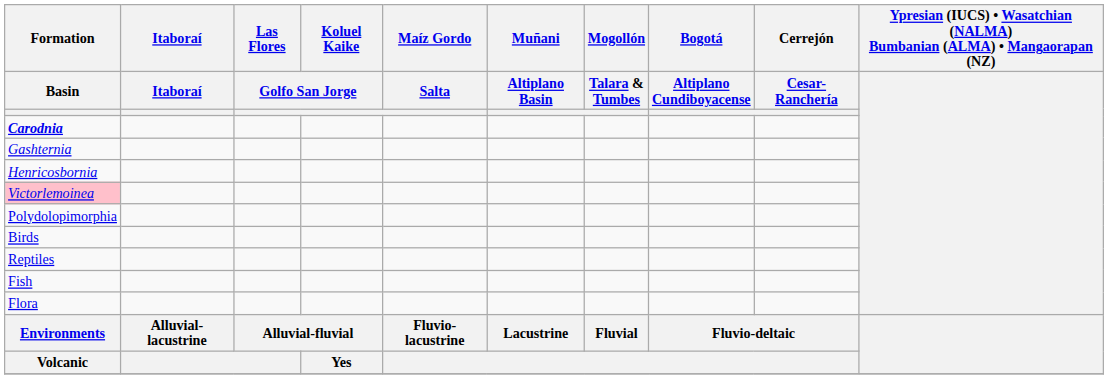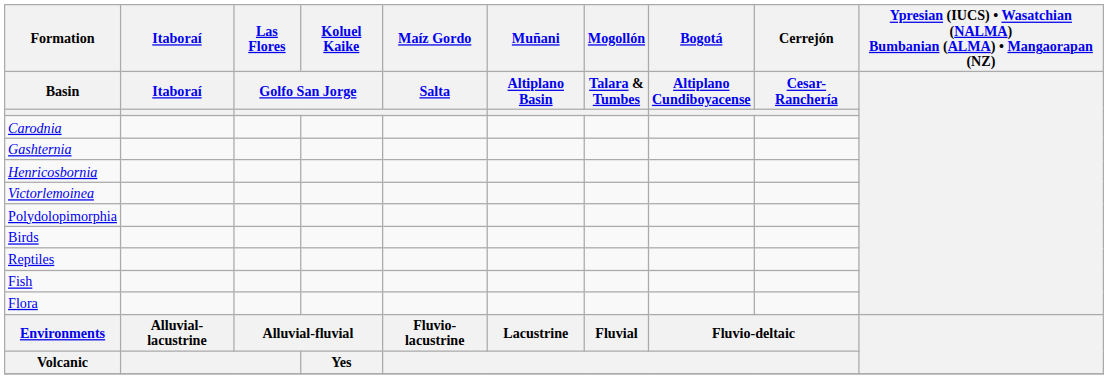 <table class="wikitable" style="font-size: 70%">
 <tr>
 <th>Formation</th>
 <th><a href='#'>Itaboraí</a></th>
 <th><a href='#'>Las Flores</a></th>
 <th><a href='#'>Koluel Kaike</a></th>
 <th><a href='#'>Maíz Gordo</a></th>
 <th><a href='#'>Muñani</a></th>
 <th><a href='#'>Mogollón</a></th>
 <th><a href='#'>Bogotá</a></th>
 <th>Cerrejón</th>
 <th><a href='#'>Ypresian</a> (IUCS) • <a href='#'>Wasatchian</a> (<a href='#'>NALMA</a>)<br><a href='#'>Bumbanian</a> (<a href='#'>ALMA</a>) • <a href='#'>Mangaorapan</a> (NZ)</th>
 </tr>
 <tr>
 <th>Basin</th>
 <th><a href='#'>Itaboraí</a></th>
 <th colspan="2"><a href='#'>Golfo San Jorge</a></th>
 <th><a href='#'>Salta</a></th>
 <th><a href='#'>Altiplano Basin</a></th>
 <th><a href='#'>Talara</a> &<br><a href='#'>Tumbes</a></th>
 <th><a href='#'>Altiplano<br>Cundiboyacense</a></th>
 <th><a href='#'>Cesar-Ranchería</a></th>
 <th align=center rowspan=11></th>
 </tr>
 <tr>
 <th></th>
 <th></th>
 <th colspan=3></th>
 <th colspan=2></th>
 <th colspan=2></th>
 </tr>
 <tr>
-<td><strong><em><a href='#'>Carodnia</a></em></strong></td>
+<td><em><a href='#'>Carodnia</a></em></td>
 <td align=center></td>
 <td align=center></td>
 <td align=center></td>
 <td align=center></td>
 <td align=center></td>
 <td align=center></td>
 <td align=center></td>
 <td align=center></td>
 </tr>
 <tr>
 <td><em><a href='#'>Gashternia</a></em></td>
 <td align=center></td>
 <td align=center></td>
 <td align=center></td>
 <td align=center></td>
 <td align=center></td>
 <td align=center></td>
 <td align=center></td>
 <td align=center></td>
 </tr>
 <tr>
 <td><em><a href='#'>Henricosbornia</a></em></td>
 <td align=center></td>
 <td align=center></td>
 <td align=center></td>
 <td align=center></td>
 <td align=center></td>
 <td align=center></td>
 <td align=center></td>
 <td align=center></td>
 </tr>
 <tr>
-<td style="background: pink;"><em><a href='#'>Victorlemoinea</a></em></td>
+<td><em><a href='#'>Victorlemoinea</a></em></td>
 <td align=center></td>
 <td align=center></td>
 <td align=center></td>
 <td align=center></td>
 <td align=center></td>
 <td align=center></td>
 <td align=center></td>
 <td align=center></td>
 </tr>
 <tr>
 <td><a href='#'>Polydolopimorphia</a></td>
 <td align=center></td>
 <td align=center></td>
 <td align=center></td>
 <td align=center></td>
 <td align=center></td>
 <td align=center></td>
 <td align=center></td>
 <td align=center></td>
 </tr>
 <tr>
 <td><a href='#'>Birds</a></td>
 <td align=center></td>
 <td align=center></td>
 <td align=center></td>
 <td align=center></td>
 <td align=center></td>
 <td align=center></td>
 <td align=center></td>
 <td align=center></td>
 </tr>
 <tr>
 <td><a href='#'>Reptiles</a></td>
 <td align=center></td>
 <td align=center></td>
 <td align=center></td>
 <td align=center></td>
 <td align=center></td>
 <td align=center></td>
 <td align=center></td>
 <td align=center></td>
 </tr>
 <tr>
 <td><a href='#'>Fish</a></td>
 <td align=center></td>
 <td align=center></td>
 <td align=center></td>
 <td align=center></td>
 <td align=center></td>
 <td align=center></td>
 <td align=center></td>
 <td align=center></td>
 </tr>
 <tr>
 <td><a href='#'>Flora</a></td>
 <td align=center></td>
 <td align=center></td>
 <td align=center></td>
 <td align=center></td>
 <td align=center></td>
 <td align=center></td>
 <td align=center></td>
 <td align=center></td>
 </tr>
 <tr>
 <th><a href='#'>Environments</a></th>
 <th>Alluvial-lacustrine</th>
 <th colspan=2>Alluvial-fluvial</th>
 <th>Fluvio-lacustrine</th>
 <th>Lacustrine</th>
 <th>Fluvial</th>
 <th colspan=2>Fluvio-deltaic</th>
 <th rowspan=2 align=left><br><br></th>
 </tr>
 <tr>
 <th>Volcanic</th>
 <th colspan=2></th>
 <th>Yes</th>
 <th colspan=5></th>
 </tr>
 <tr>
 </tr>
 </table>
